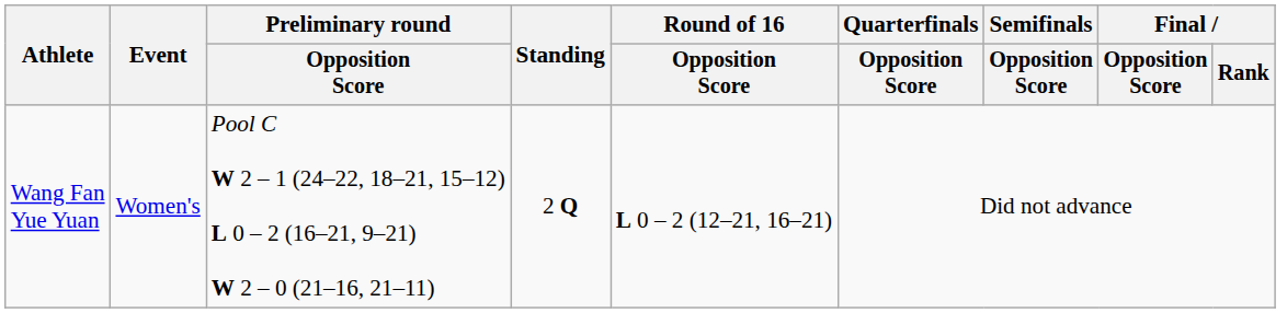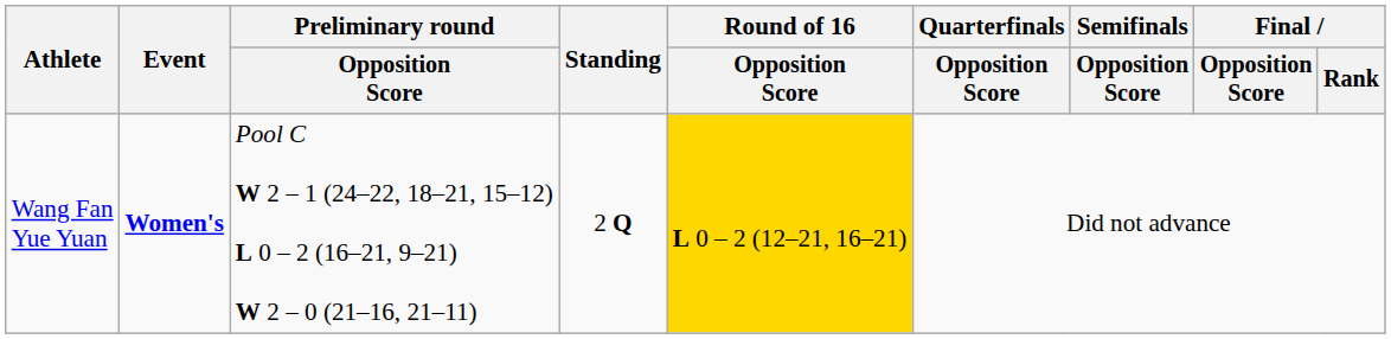 <table class=wikitable style="font-size:90%">
 <tr>
 <th rowspan="2">Athlete</th>
 <th rowspan="2">Event</th>
 <th>Preliminary round</th>
 <th rowspan="2">Standing</th>
 <th>Round of 16</th>
 <th>Quarterfinals</th>
 <th>Semifinals</th>
 <th colspan=2>Final / </th>
 </tr>
 <tr style="font-size:95%">
 <th>Opposition<br>Score</th>
 <th>Opposition<br>Score</th>
 <th>Opposition<br>Score</th>
 <th>Opposition<br>Score</th>
 <th>Opposition<br>Score</th>
 <th>Rank</th>
 </tr>
 <tr align=center>
 <td align=left><a href='#'>Wang Fan</a><br><a href='#'>Yue Yuan</a></td>
-<td align=left><a href='#'>Women's</a></td>
+<td align=left><strong><a href='#'>Women's</a></strong></td>
 <td align=left><em>Pool C</em><br><br><strong>W</strong> 2 – 1 (24–22, 18–21, 15–12)<br><br><strong>L</strong> 0 – 2 (16–21, 9–21)<br><br><strong>W</strong> 2 – 0 (21–16, 21–11)<br></td>
 <td>2 <strong>Q</strong></td>
-<td><br><strong>L</strong> 0 – 2 (12–21, 16–21)</td>
+<td style="background: gold;"><br><strong>L</strong> 0 – 2 (12–21, 16–21)</td>
 <td colspan=4>Did not advance</td>
 </tr>
 </table>
